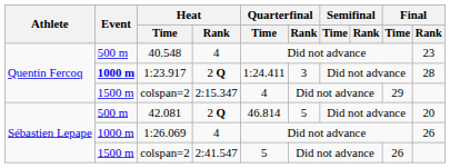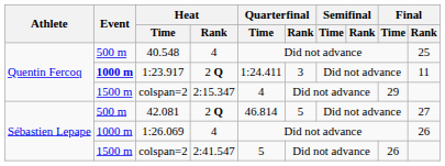 <table class="wikitable" style="font-size:90%">
 <tr>
 <th rowspan=2>Athlete</th>
 <th rowspan=2>Event</th>
 <th colspan=2>Heat</th>
 <th colspan=2>Quarterfinal</th>
 <th colspan=2>Semifinal</th>
 <th colspan=2>Final</th>
 </tr>
 <tr style="font-size:95%">
 <th>Time</th>
 <th>Rank</th>
 <th>Time</th>
 <th>Rank</th>
 <th>Time</th>
 <th>Rank</th>
 <th>Time</th>
 <th>Rank</th>
 </tr>
 <tr align=center>
 <td align=left rowspan=3><a href='#'>Quentin Fercoq</a></td>
 <td align=left><a href='#'>500 m</a></td>
 <td>40.548</td>
 <td>4</td>
 <td colspan=5>Did not advance</td>
-<td>23</td>
+<td>25</td>
 </tr>
 <tr align=center>
 <td align=left><strong><a href='#'>1000 m</a></strong></td>
 <td>1:23.917</td>
 <td>2 <strong>Q</strong></td>
 <td>1:24.411</td>
 <td>3</td>
 <td colspan=3>Did not advance</td>
-<td>28</td>
+<td>11</td>
 </tr>
 <tr align=center>
 <td align=left><a href='#'>1500 m</a></td>
 <td>colspan=2 </td>
 <td>2:15.347</td>
 <td>4</td>
 <td colspan=3>Did not advance</td>
 <td>29</td>
 </tr>
 <tr align=center>
 <td align=left rowspan=3><a href='#'>Sébastien Lepape</a></td>
 <td align=left><a href='#'>500 m</a></td>
 <td>42.081</td>
 <td>2 <strong>Q</strong></td>
 <td>46.814</td>
 <td>5</td>
 <td colspan=3>Did not advance</td>
-<td>20</td>
+<td>27</td>
 </tr>
 <tr align=center>
 <td align=left><a href='#'>1000 m</a></td>
 <td>1:26.069</td>
 <td>4</td>
 <td colspan=5>Did not advance</td>
 <td>26</td>
 </tr>
 <tr align=center>
 <td align=left><a href='#'>1500 m</a></td>
 <td>colspan=2 </td>
 <td>2:41.547</td>
 <td>5</td>
 <td colspan=3>Did not advance</td>
 <td>26</td>
 </tr>
 </table>
